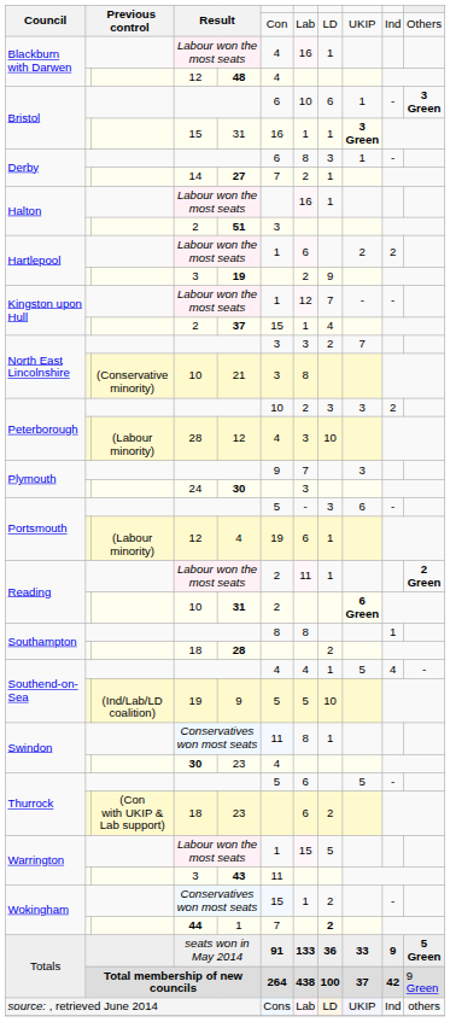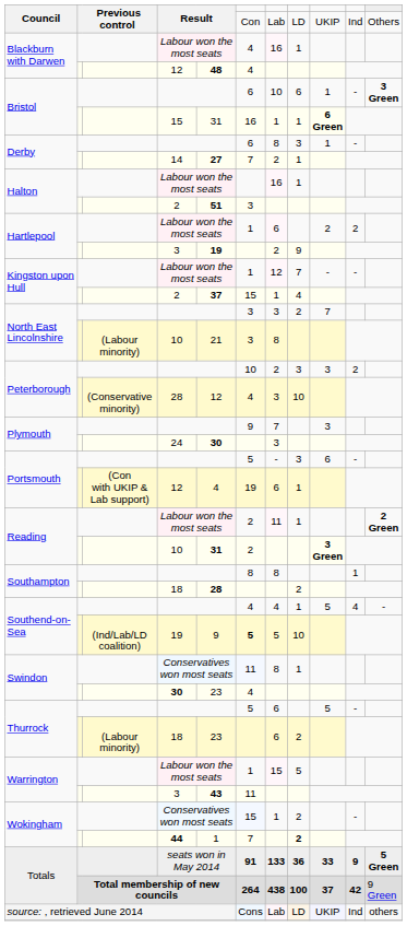 <table class="wikitable sortable" style="text-align:center">
 <tr>
 <th rowspan="2">Council</th>
 <th colspan="2" rowspan="2"> Previous control</th>
 <th colspan="2" rowspan="2">Result</th>
 <td style="background:"></td>
 <td style="background:"></td>
 <td style="background:"></td>
 <td style="background:"></td>
 <td style="background:"></td>
 <td style="background:#EEE"></td>
 </tr>
 <tr>
 <td>Con</td>
 <td>Lab</td>
 <td>LD</td>
 <td>UKIP</td>
 <td>Ind</td>
 <td>Others</td>
 </tr>
 <tr>
 <td rowspan="2" align="left"><a href='#'>Blackburn with Darwen</a></td>
 <td colspan="2"> </td>
 <td colspan="2" style="background:lavenderblush"><em>Labour won the most seats</em></td>
 <td>4</td>
 <td style="background:#ffF6fa">16</td>
 <td>1</td>
 <td></td>
 <td></td>
 <td></td>
 </tr>
 <tr style="background:ivory">
 <td></td>
 <td></td>
 <td>12</td>
 <td><strong>48</strong></td>
 <td>4</td>
 <td></td>
 <td></td>
 <td></td>
 </tr>
 <tr>
 <td rowspan="2" align="left"><a href='#'>Bristol</a></td>
 <td colspan="2"> </td>
 <td colspan="2"> </td>
 <td>6</td>
 <td>10</td>
 <td>6</td>
 <td>1</td>
 <td>-</td>
 <td style="background:"><strong>3 Green </strong></td>
 </tr>
 <tr style="background:ivory">
 <td></td>
 <td></td>
 <td>15</td>
 <td>31</td>
 <td>16</td>
 <td>1</td>
 <td>1</td>
-<td style="background:"><strong>3 Green</strong></td>
+<td style="background:"><strong>6 Green</strong></td>
 </tr>
 <tr>
 <td rowspan="2" align="left"><a href='#'>Derby</a></td>
 <td colspan="2"> </td>
 <td colspan="2"> </td>
 <td>6</td>
 <td>8</td>
 <td>3</td>
 <td>1</td>
 <td>-</td>
 <td></td>
 </tr>
 <tr style="background:ivory">
 <td></td>
 <td></td>
 <td>14</td>
 <td><strong>27</strong></td>
 <td>7</td>
 <td>2</td>
 <td>1</td>
 <td></td>
 </tr>
 <tr>
 <td rowspan="2" align="left"><a href='#'>Halton</a></td>
 <td colspan="2"> </td>
 <td colspan="2" style="background:lavenderblush"><em>Labour won the most seats</em></td>
 <td></td>
 <td style="background:#ffF6fa">16</td>
 <td>1</td>
 <td></td>
 <td></td>
 <td></td>
 </tr>
 <tr style="background:ivory">
 <td></td>
 <td></td>
 <td>2</td>
 <td><strong>51</strong></td>
 <td>3</td>
 <td></td>
 <td></td>
 <td></td>
 </tr>
 <tr>
 <td rowspan="2" align="left"><a href='#'>Hartlepool</a></td>
 <td colspan="2"> </td>
 <td colspan="2" style="background:lavenderblush"><em>Labour won the most seats</em></td>
 <td>1</td>
 <td style="background:#ffF6fa">6</td>
 <td></td>
 <td>2</td>
 <td>2</td>
 <td></td>
 </tr>
 <tr style="background:ivory">
 <td></td>
 <td></td>
 <td>3</td>
 <td><strong>19</strong></td>
 <td></td>
 <td>2</td>
 <td>9</td>
 <td></td>
 </tr>
 <tr>
 <td rowspan="2" align="left"><a href='#'>Kingston upon Hull</a></td>
 <td colspan="2"> </td>
 <td colspan="2" style="background:lavenderblush"><em>Labour won the most seats</em></td>
 <td>1</td>
 <td style="background:#ffF6fa">12</td>
 <td>7</td>
 <td>-</td>
 <td>-</td>
 <td></td>
 </tr>
 <tr style="background:ivory">
 <td></td>
 <td></td>
 <td>2</td>
 <td><strong>37</strong></td>
 <td>15</td>
 <td>1</td>
 <td>4</td>
 <td></td>
 </tr>
 <tr>
 <td rowspan="2" align="left"><a href='#'>North East Lincolnshire</a></td>
 <td colspan="2"> </td>
 <td colspan="2"> </td>
 <td>3</td>
 <td>3</td>
 <td>2</td>
 <td>7</td>
 <td></td>
 <td></td>
 </tr>
 <tr style="background:lemonchiffon">
 <td></td>
-<td><br> (Conservative minority)</td>
+<td><br> (Labour minority)</td>
 <td>10</td>
 <td>21</td>
 <td>3</td>
 <td>8</td>
 <td></td>
 <td></td>
 </tr>
 <tr>
 <td rowspan="2" align="left"><a href='#'>Peterborough</a></td>
 <td colspan="2"> </td>
 <td colspan="2"> </td>
 <td>10</td>
 <td>2</td>
 <td>3</td>
 <td>3</td>
 <td>2</td>
 <td></td>
 </tr>
 <tr style="background:lemonchiffon">
 <td></td>
-<td><br> (Labour minority)</td>
+<td><br> (Conservative minority)</td>
 <td>28</td>
 <td>12</td>
 <td>4</td>
 <td>3</td>
 <td>10</td>
 <td></td>
 </tr>
 <tr>
 <td rowspan="2" align="left"><a href='#'>Plymouth</a></td>
 <td colspan="2"> </td>
 <td colspan="2"> </td>
 <td>9</td>
 <td>7</td>
 <td></td>
 <td>3</td>
 <td></td>
 <td></td>
 </tr>
 <tr style="background:ivory">
 <td></td>
 <td></td>
 <td>24</td>
 <td><strong>30</strong></td>
 <td></td>
 <td>3</td>
 <td></td>
 <td></td>
 </tr>
 <tr>
 <td rowspan="2" align="left"><a href='#'>Portsmouth</a></td>
 <td colspan="2"> </td>
 <td colspan="2"> </td>
 <td>5</td>
 <td>-</td>
 <td>3</td>
 <td>6</td>
 <td>-</td>
 <td></td>
 </tr>
 <tr style="background:lemonchiffon">
 <td></td>
-<td><br>(Labour minority)</td>
+<td> (Con<br> with UKIP & Lab support)</td>
 <td>12</td>
 <td>4</td>
 <td>19</td>
 <td>6</td>
 <td>1</td>
 <td></td>
 </tr>
 <tr>
 <td rowspan="2" align="left"><a href='#'>Reading</a></td>
 <td colspan="2"> </td>
 <td colspan="2" style="background:lavenderblush"><em>Labour won the most seats</em></td>
 <td>2</td>
 <td style="background:#ffF6fa">11</td>
 <td>1</td>
 <td></td>
 <td></td>
 <td style="background:"><strong>2 Green</strong></td>
 </tr>
 <tr style="background:ivory">
 <td></td>
 <td></td>
 <td>10</td>
 <td><strong>31</strong></td>
 <td>2</td>
 <td></td>
 <td></td>
-<td style="background:"><strong>6 Green</strong></td>
+<td style="background:"><strong>3 Green</strong></td>
 </tr>
 <tr>
 <td rowspan="2" align="left"><a href='#'>Southampton</a></td>
 <td colspan="2"> </td>
 <td colspan="2"> </td>
 <td>8</td>
 <td>8</td>
 <td></td>
 <td></td>
 <td>1</td>
 <td></td>
 </tr>
 <tr style="background:ivory">
 <td></td>
 <td></td>
 <td>18</td>
 <td><strong>28</strong></td>
 <td></td>
 <td></td>
 <td>2</td>
 <td></td>
 </tr>
 <tr>
 <td rowspan="2" align="left"><a href='#'>Southend-on-Sea</a></td>
 <td colspan="2"> </td>
 <td colspan="2"> </td>
 <td>4</td>
 <td>4</td>
 <td>1</td>
 <td>5</td>
 <td>4</td>
 <td>-</td>
 </tr>
 <tr style="background:lemonchiffon">
 <td></td>
 <td><br>(Ind/Lab/LD coalition)</td>
 <td>19</td>
 <td>9</td>
-<td>5</td>
+<td><strong>5</strong></td>
 <td>5</td>
 <td>10</td>
 <td></td>
 </tr>
 <tr>
 <td rowspan="2" align="left"><a href='#'>Swindon</a></td>
 <td colspan="2"> </td>
 <td colspan="2" style="background:aliceblue"><em>Conservatives won most seats</em></td>
 <td style="background:#f4f8ff">11</td>
 <td>8</td>
 <td>1</td>
 <td></td>
 <td></td>
 <td></td>
 </tr>
 <tr style="background:ivory">
 <td></td>
 <td></td>
 <td><strong>30</strong></td>
 <td>23</td>
 <td>4</td>
 <td></td>
 <td></td>
 <td></td>
 </tr>
 <tr>
 <td rowspan="2" align="left"><a href='#'>Thurrock</a></td>
 <td colspan="2"> </td>
 <td colspan="2"> </td>
 <td>5</td>
 <td>6</td>
 <td></td>
 <td>5</td>
 <td>-</td>
 <td></td>
 </tr>
 <tr style="background:lemonchiffon">
 <td></td>
-<td> (Con<br> with UKIP & Lab support)</td>
+<td><br>(Labour minority)</td>
 <td>18</td>
 <td>23</td>
 <td></td>
 <td>6</td>
 <td>2</td>
 <td></td>
 </tr>
 <tr>
 <td rowspan="2" align="left"><a href='#'>Warrington</a></td>
 <td colspan="2"> </td>
 <td colspan="2" style="background:lavenderblush"><em>Labour won the most seats</em></td>
 <td>1</td>
 <td style="background:#ffF6fa">15</td>
 <td>5</td>
 <td></td>
 <td></td>
 <td></td>
 </tr>
 <tr style="background:ivory">
 <td></td>
 <td></td>
 <td>3</td>
 <td><strong>43</strong></td>
 <td>11</td>
 <td></td>
 <td></td>
 </tr>
 <tr>
 <td rowspan="2" align="left"><a href='#'>Wokingham</a></td>
 <td colspan="2"> </td>
 <td colspan="2" style="background:aliceblue"><em>Conservatives won most seats</em></td>
 <td style="background:#f4f8ff">15</td>
 <td>1</td>
 <td>2</td>
 <td></td>
 <td>-</td>
 <td></td>
 </tr>
 <tr style="background:ivory">
 <td></td>
 <td></td>
 <td><strong>44</strong></td>
 <td>1</td>
 <td>7</td>
 <td></td>
 <td><strong>2</strong></td>
 <td></td>
 </tr>
 <tr style="background:#EEE">
 <td rowspan="2">Totals</td>
 <td colspan="2"> </td>
 <td colspan="2"><em>seats won in May 2014</em></td>
 <td><strong>91</strong></td>
 <td><strong>133</strong></td>
 <td><strong>36</strong></td>
 <td><strong>33</strong></td>
 <td><strong>9</strong></td>
 <td style="background:"><strong>5 Green</strong></td>
 </tr>
 <tr style="background:#DDD">
 <td colspan="4"><strong>Total membership of new councils</strong></td>
 <td><strong>264</strong></td>
 <td><strong>438</strong></td>
 <td><strong>100</strong></td>
 <td><strong>37</strong></td>
 <td><strong>42</strong></td>
 <td style="text-align:left">9 <a href='#'>Green</a></td>
 </tr>
 <tr>
 <td colspan="5" style="text-align:left; background:whitesmoke;"><em>source:</em> , retrieved June 2014</td>
 <td style="background:aliceblue">Cons</td>
 <td style="background:#FFf6FA">Lab</td>
 <td style="background:OldLace">LD</td>
 <td style="background:#f4f4ff">UKIP</td>
 <td>Ind</td>
 <td>others</td>
 </tr>
 <tr>
 </tr>
 </table>
